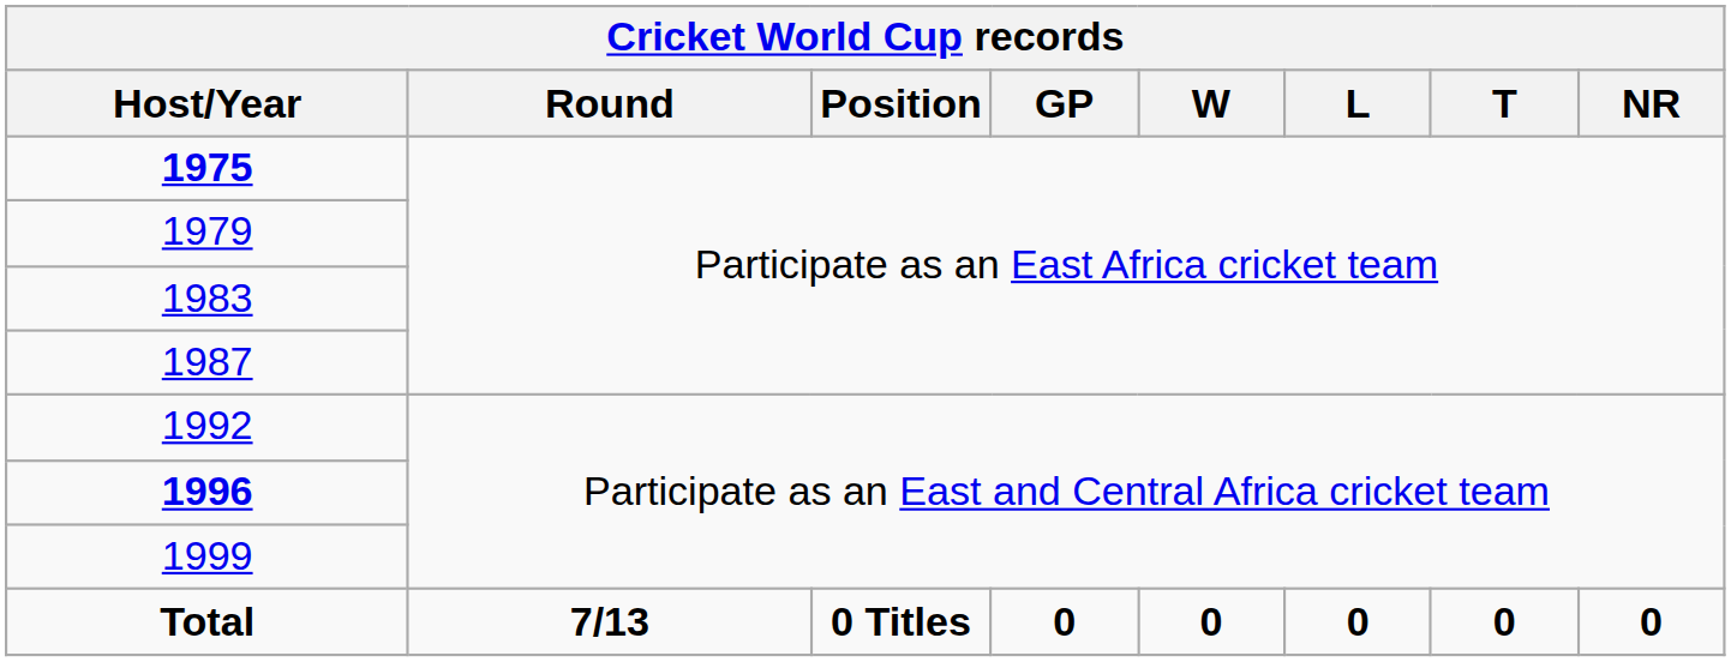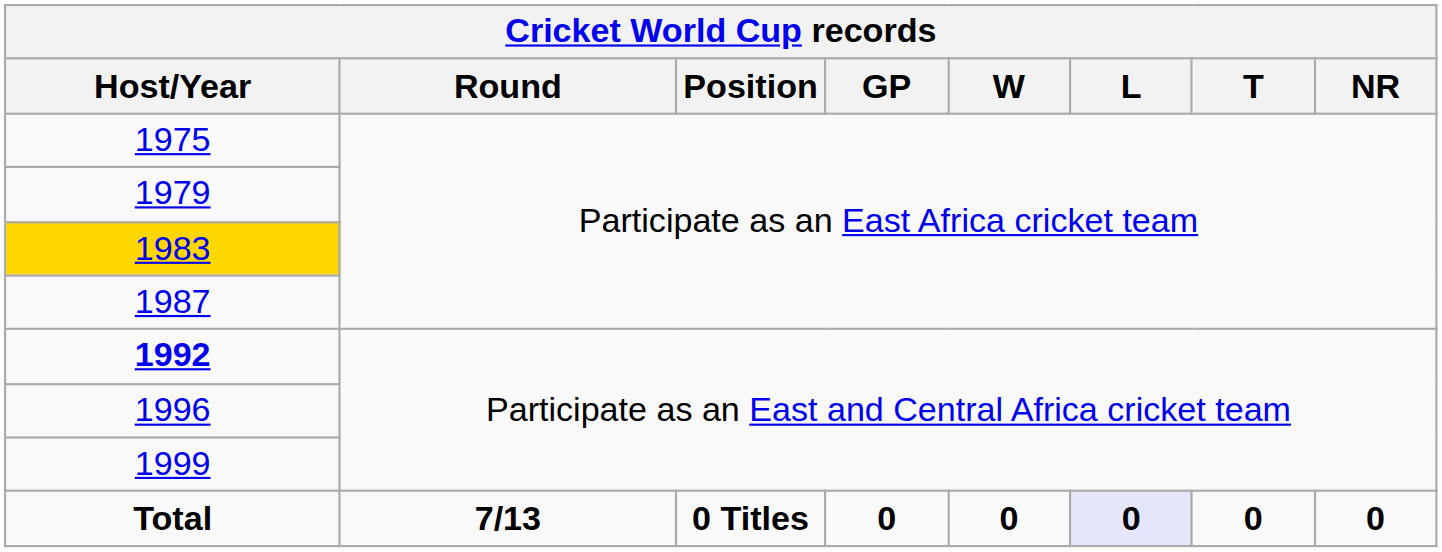 <table class="wikitable" style="text-align: center;">
 <tr>
 <th colspan=8><a href='#'>Cricket World Cup</a> records</th>
 </tr>
 <tr>
 <th width=150>Host/Year</th>
 <th width=150>Round</th>
 <th width=50>Position</th>
 <th width=50>GP</th>
 <th width=50>W</th>
 <th width=50>L</th>
 <th width=50>T</th>
 <th width=50>NR</th>
 </tr>
 <tr>
-<td><strong> <a href='#'>1975</a></strong></td>
+<td> <a href='#'>1975</a></td>
 <td rowspan=4 colspan=8>Participate as an <a href='#'>East Africa cricket team</a></td>
 </tr>
 <tr>
 <td> <a href='#'>1979</a></td>
 </tr>
 <tr>
-<td>  <a href='#'>1983</a></td>
+<td style="background: gold;">  <a href='#'>1983</a></td>
 </tr>
 <tr>
 <td>  <a href='#'>1987</a></td>
 </tr>
 <tr>
-<td>  <a href='#'>1992</a></td>
+<td><strong>  <a href='#'>1992</a></strong></td>
 <td rowspan=3 colspan=8>Participate as an <a href='#'>East and Central Africa cricket team</a></td>
 </tr>
 <tr>
-<td><strong>   <a href='#'>1996</a></strong></td>
+<td>   <a href='#'>1996</a></td>
 </tr>
 <tr>
 <td>     <a href='#'>1999</a></td>
 </tr>
 <tr>
 <td><strong>Total</strong></td>
 <td><strong>7/13</strong></td>
 <td><strong>0 Titles</strong></td>
 <td><strong>0</strong></td>
 <td><strong>0</strong></td>
-<td><strong>0</strong></td>
+<td style="background: lavender;"><strong>0</strong></td>
 <td><strong>0</strong></td>
 <td><strong>0</strong></td>
 </tr>
 </table>
